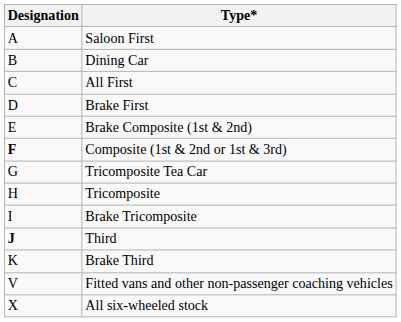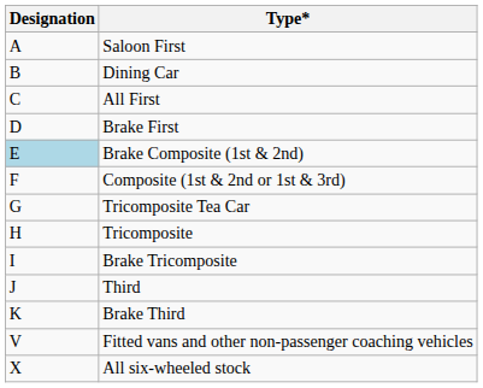 <table class="wikitable">
 <tr>
 <th>Designation</th>
 <th>Type*</th>
 </tr>
 <tr>
 <td>A</td>
 <td>Saloon First</td>
 </tr>
 <tr>
 <td>B</td>
 <td>Dining Car</td>
 </tr>
 <tr>
 <td>C</td>
 <td>All First</td>
 </tr>
 <tr>
 <td>D</td>
 <td>Brake First</td>
 </tr>
 <tr>
-<td>E</td>
+<td style="background: lightblue;">E</td>
 <td>Brake Composite (1st & 2nd)</td>
 </tr>
 <tr>
-<td><strong>F</strong></td>
+<td>F</td>
 <td>Composite (1st & 2nd or 1st & 3rd)</td>
 </tr>
 <tr>
 <td>G</td>
 <td>Tricomposite Tea Car</td>
 </tr>
 <tr>
 <td>H</td>
 <td>Tricomposite</td>
 </tr>
 <tr>
 <td>I</td>
 <td>Brake Tricomposite</td>
 </tr>
 <tr>
-<td><strong>J</strong></td>
+<td>J</td>
 <td>Third</td>
 </tr>
 <tr>
 <td>K</td>
 <td>Brake Third</td>
 </tr>
 <tr>
 <td>V</td>
 <td>Fitted vans and other non-passenger coaching vehicles</td>
 </tr>
 <tr>
 <td>X</td>
 <td>All six-wheeled stock</td>
 </tr>
 </table>
